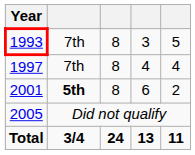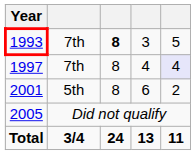 <table class="wikitable" style="text-align: center;">
 <tr>
 <th>Year</th>
 <th width="50"></th>
 <th width=25></th>
 <th width=25></th>
 <th width=25></th>
 </tr>
 <tr>
 <td style="border: 3px solid red"> <a href='#'>1993</a></td>
 <td>7th</td>
-<td>8</td>
+<td><strong>8</strong></td>
 <td>3</td>
 <td>5</td>
 </tr>
 <tr>
 <td> <a href='#'>1997</a></td>
 <td>7th</td>
 <td>8</td>
 <td>4</td>
-<td>4</td>
+<td style="background: lavender;">4</td>
 </tr>
 <tr>
 <td> <a href='#'>2001</a></td>
-<td><strong>5th</strong></td>
+<td>5th</td>
 <td>8</td>
 <td>6</td>
 <td>2</td>
 </tr>
 <tr>
 <td> <a href='#'>2005</a></td>
 <td colspan="4"><em>Did not qualify</em></td>
 </tr>
 <tr>
 <td><strong>Total</strong></td>
 <td><strong>3/4</strong></td>
 <td><strong>24</strong></td>
 <td><strong>13</strong></td>
 <td><strong>11</strong></td>
 </tr>
 </table>
